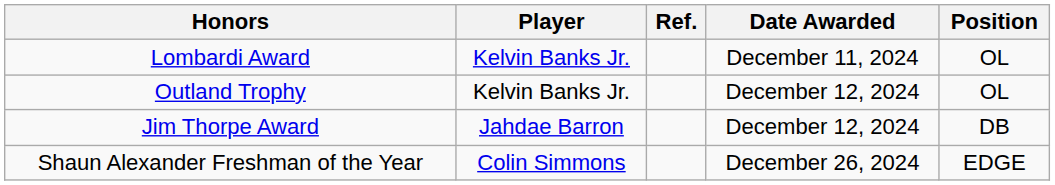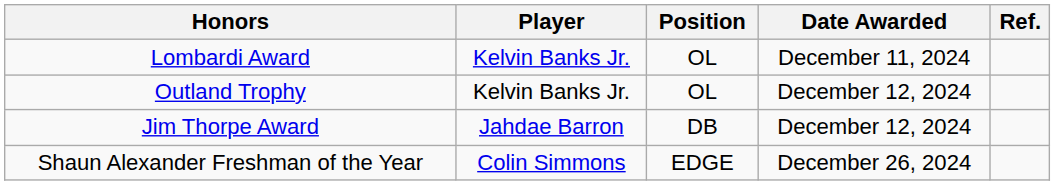 <table class="wikitable" style="width: 60%;text-align: center;">
 <tr>
 <th>Honors</th>
 <th>Player</th>
+<th>Position</th>
+<th>Date Awarded</th>
 <th>Ref.</th>
-<th>Date Awarded</th>
-<th>Position</th>
 </tr>
 <tr align="center">
 <td rowspan="1"><a href='#'>Lombardi Award</a></td>
 <td><a href='#'>Kelvin Banks Jr.</a></td>
+<td>OL</td>
+<td rowspan="1">December 11, 2024</td>
 <td rowspan="1"></td>
-<td rowspan="1">December 11, 2024</td>
-<td>OL</td>
 </tr>
 <tr align="center">
 <td rowspan="1"><a href='#'>Outland Trophy</a></td>
 <td>Kelvin Banks Jr.</td>
+<td>OL</td>
+<td rowspan="1">December 12, 2024</td>
 <td rowspan="1"></td>
-<td rowspan="1">December 12, 2024</td>
-<td>OL</td>
 </tr>
 <tr align="center">
 <td rowspan="1"><a href='#'>Jim Thorpe Award</a></td>
 <td><a href='#'>Jahdae Barron</a></td>
+<td>DB</td>
+<td rowspan="1">December 12, 2024</td>
 <td rowspan="1"></td>
-<td rowspan="1">December 12, 2024</td>
-<td>DB</td>
 </tr>
 <tr align="center">
 <td rowspan="1">Shaun Alexander Freshman of the Year</td>
 <td><a href='#'>Colin Simmons</a></td>
+<td>EDGE</td>
+<td rowspan="1">December 26, 2024</td>
 <td rowspan="1"></td>
-<td rowspan="1">December 26, 2024</td>
-<td>EDGE</td>
 </tr>
 </table>
